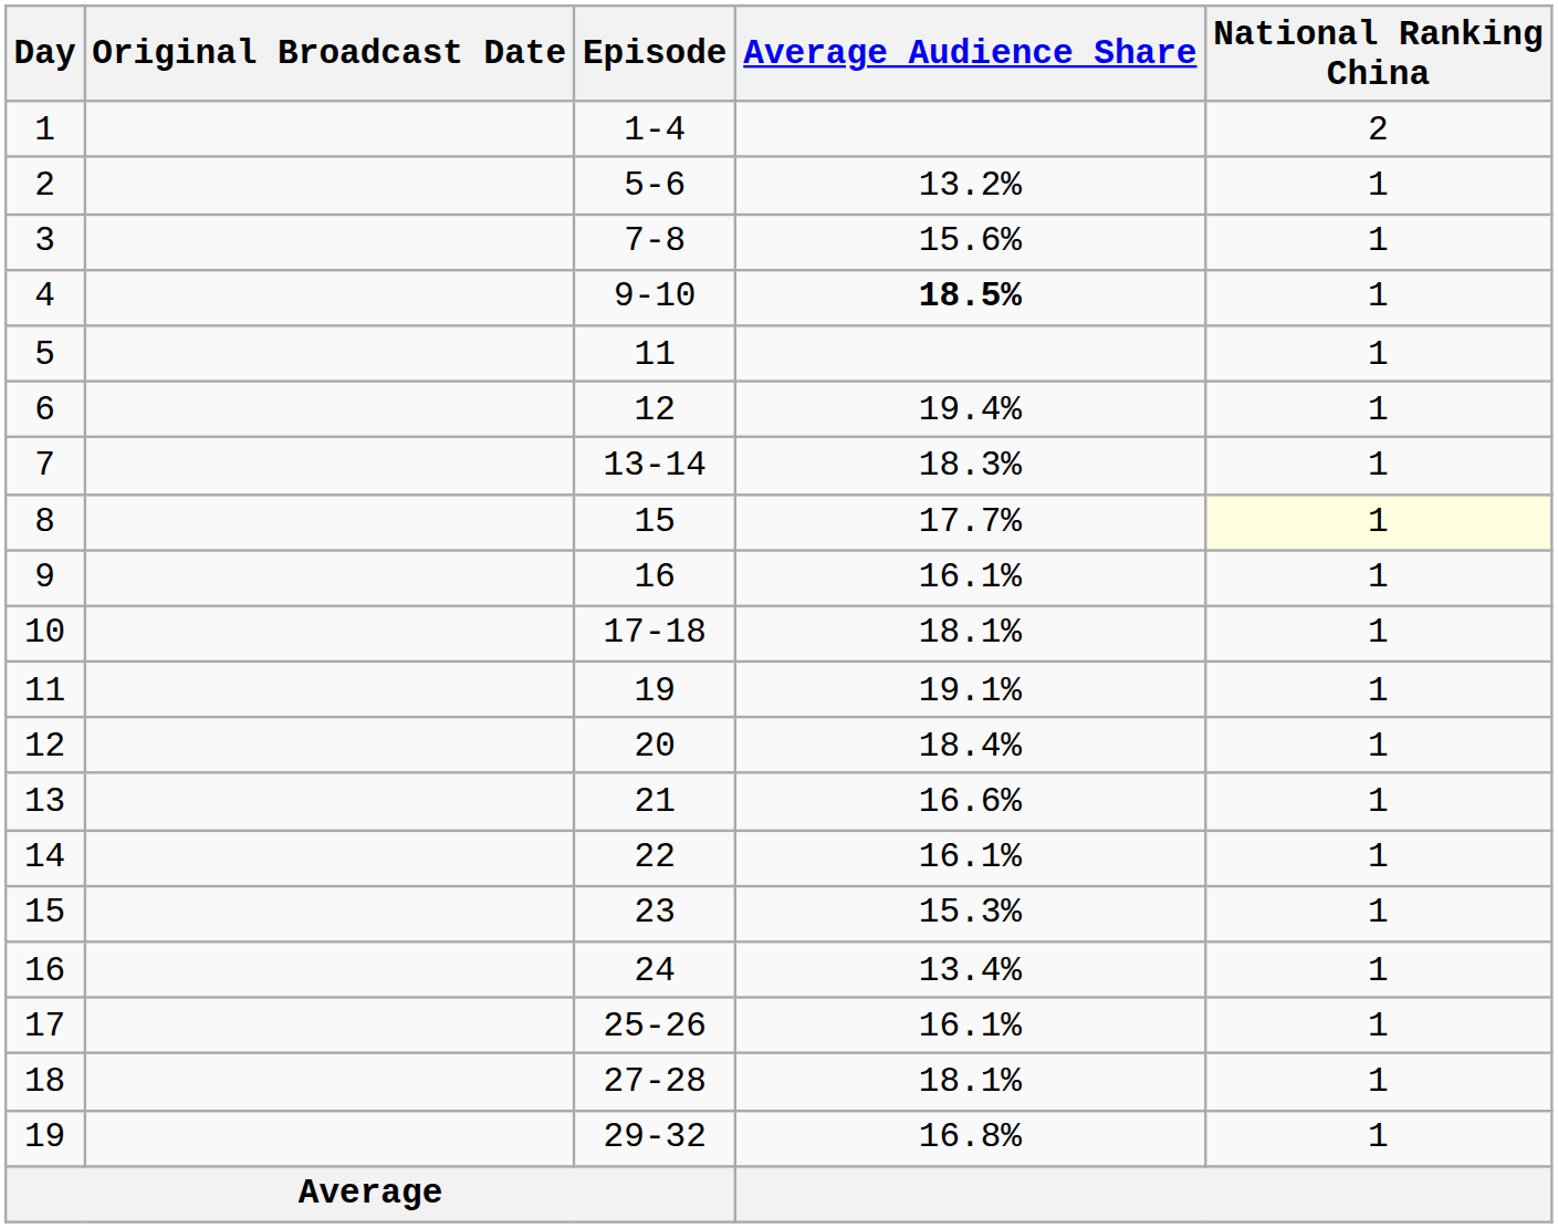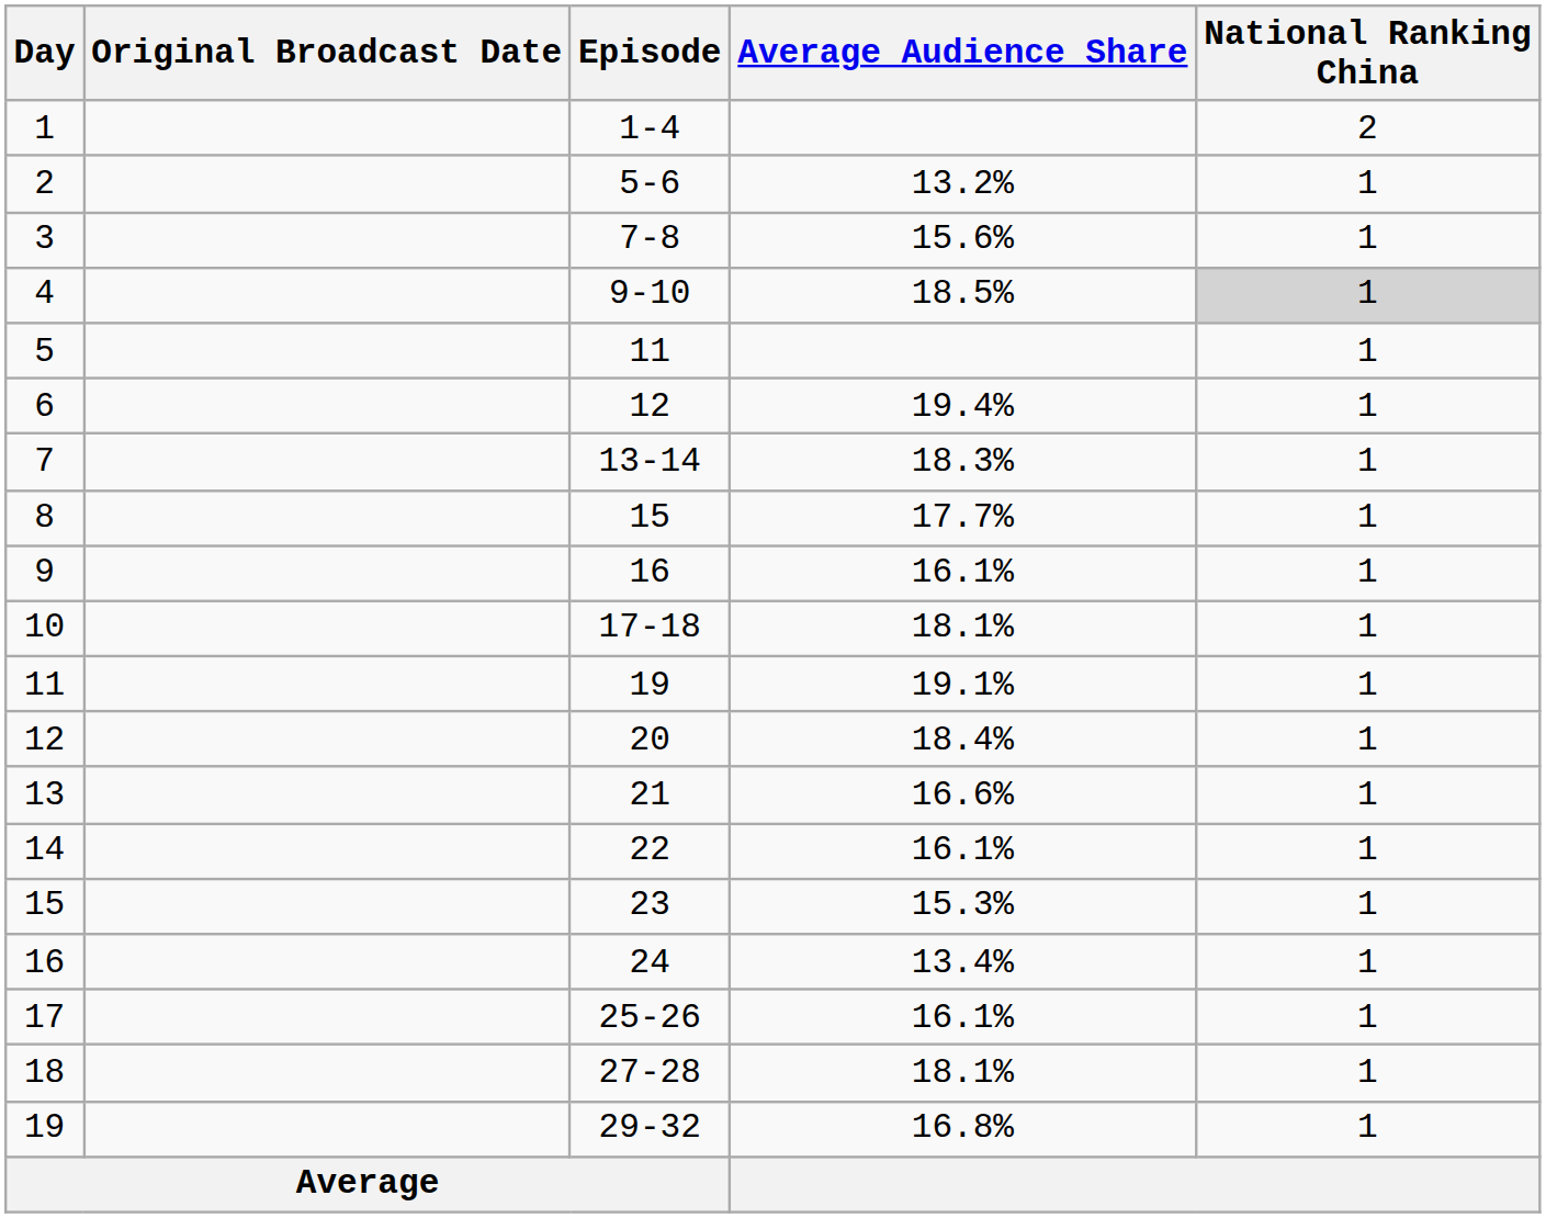 <table class="wikitable">
 <tr>
 <th style="text-align: center;">Day</th>
 <th style="text-align: center;">Original Broadcast Date</th>
 <th style="text-align: center;">Episode</th>
 <th style="text-align: center;"><a href='#'>Average Audience Share</a></th>
 <th>National Ranking<br>China</th>
 </tr>
 <tr>
 <td style="text-align: center;">1</td>
 <td style="text-align: center;"></td>
 <td style="text-align: center;">1-4</td>
 <td style="text-align: center;"></td>
 <td style="text-align: center;">2</td>
 </tr>
 <tr>
 <td style="text-align: center;">2</td>
 <td style="text-align: center;"></td>
 <td style="text-align: center;">5-6</td>
 <td style="text-align: center;">13.2%</td>
 <td style="text-align: center;">1</td>
 </tr>
 <tr>
 <td style="text-align: center;">3</td>
 <td style="text-align: center;"></td>
 <td style="text-align: center;">7-8</td>
 <td style="text-align: center;">15.6%</td>
 <td style="text-align: center;">1</td>
 </tr>
 <tr>
 <td style="text-align: center;">4</td>
 <td style="text-align: center;"></td>
 <td style="text-align: center;">9-10</td>
-<td style="text-align: center;"><strong>18.5%</strong></td>
-<td style="text-align: center;">1</td>
+<td style="text-align: center;">18.5%</td>
+<td style="background: lightgrey; text-align: center;">1</td>
 </tr>
 <tr>
 <td style="text-align: center;">5</td>
 <td style="text-align: center;"></td>
 <td style="text-align: center;">11</td>
 <td style="text-align: center;"></td>
 <td style="text-align: center;">1</td>
 </tr>
 <tr>
 <td style="text-align: center;">6</td>
 <td style="text-align: center;"></td>
 <td style="text-align: center;">12</td>
 <td style="text-align: center;">19.4%</td>
 <td style="text-align: center;">1</td>
 </tr>
 <tr>
 <td style="text-align: center;">7</td>
 <td style="text-align: center;"></td>
 <td style="text-align: center;">13-14</td>
 <td style="text-align: center;">18.3%</td>
 <td style="text-align: center;">1</td>
 </tr>
 <tr>
 <td style="text-align: center;">8</td>
 <td style="text-align: center;"></td>
 <td style="text-align: center;">15</td>
 <td style="text-align: center;">17.7%</td>
-<td style="background: lightyellow; text-align: center;">1</td>
+<td style="text-align: center;">1</td>
 </tr>
 <tr>
 <td style="text-align: center;">9</td>
 <td style="text-align: center;"></td>
 <td style="text-align: center;">16</td>
 <td style="text-align: center;">16.1%</td>
 <td style="text-align: center;">1</td>
 </tr>
 <tr>
 <td style="text-align: center;">10</td>
 <td style="text-align: center;"></td>
 <td style="text-align: center;">17-18</td>
 <td style="text-align: center;">18.1%</td>
 <td style="text-align: center;">1</td>
 </tr>
 <tr>
 <td style="text-align: center;">11</td>
 <td style="text-align: center;"></td>
 <td style="text-align: center;">19</td>
 <td style="text-align: center;">19.1%</td>
 <td style="text-align: center;">1</td>
 </tr>
 <tr>
 <td style="text-align: center;">12</td>
 <td style="text-align: center;"></td>
 <td style="text-align: center;">20</td>
 <td style="text-align: center;">18.4%</td>
 <td style="text-align: center;">1</td>
 </tr>
 <tr>
 <td style="text-align: center;">13</td>
 <td style="text-align: center;"></td>
 <td style="text-align: center;">21</td>
 <td style="text-align: center;">16.6%</td>
 <td style="text-align: center;">1</td>
 </tr>
 <tr>
 <td style="text-align: center;">14</td>
 <td style="text-align: center;"></td>
 <td style="text-align: center;">22</td>
 <td style="text-align: center;">16.1%</td>
 <td style="text-align: center;">1</td>
 </tr>
 <tr>
 <td style="text-align: center;">15</td>
 <td style="text-align: center;"></td>
 <td style="text-align: center;">23</td>
 <td style="text-align: center;">15.3%</td>
 <td style="text-align: center;">1</td>
 </tr>
 <tr>
 <td style="text-align: center;">16</td>
 <td style="text-align: center;"></td>
 <td style="text-align: center;">24</td>
 <td style="text-align: center;">13.4%</td>
 <td style="text-align: center;">1</td>
 </tr>
 <tr>
 <td style="text-align: center;">17</td>
 <td style="text-align: center;"></td>
 <td style="text-align: center;">25-26</td>
 <td style="text-align: center;">16.1%</td>
 <td style="text-align: center;">1</td>
 </tr>
 <tr>
 <td style="text-align: center;">18</td>
 <td style="text-align: center;"></td>
 <td style="text-align: center;">27-28</td>
 <td style="text-align: center;">18.1%</td>
 <td style="text-align: center;">1</td>
 </tr>
 <tr>
 <td style="text-align: center;">19</td>
 <td style="text-align: center;"></td>
 <td style="text-align: center;">29-32</td>
 <td style="text-align: center;">16.8%</td>
 <td style="text-align: center;">1</td>
 </tr>
 <tr>
 <th colspan="3" style="text-align: center;">Average</th>
 <th colspan="2"><br></th>
 </tr>
 </table>
